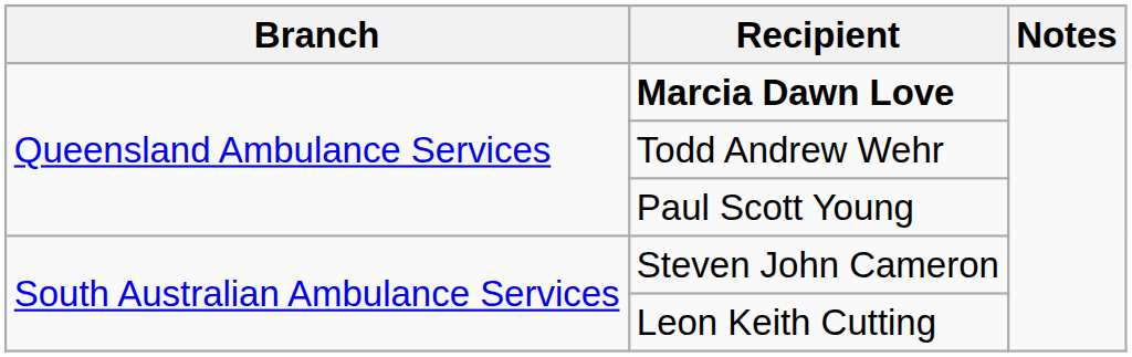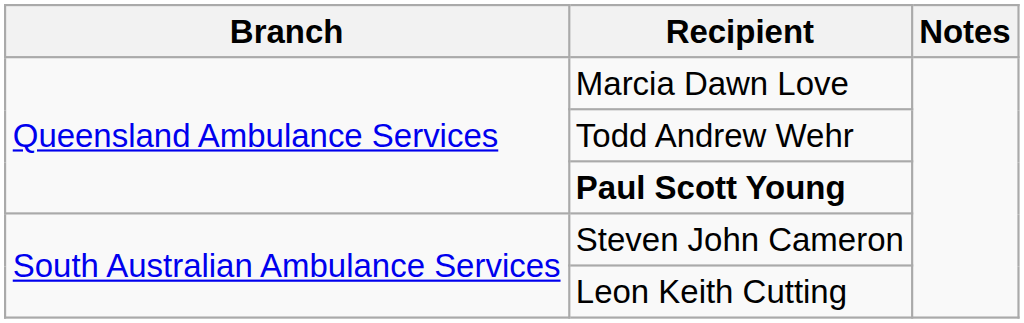 <table class="wikitable" style="font-size:95%;">
 <tr>
 <th>Branch</th>
 <th>Recipient</th>
 <th>Notes</th>
 </tr>
 <tr>
 <td rowspan=3><a href='#'>Queensland Ambulance Services</a></td>
-<td><strong>Marcia Dawn Love</strong></td>
+<td>Marcia Dawn Love</td>
 <td rowspan=5></td>
 </tr>
 <tr>
 <td>Todd Andrew Wehr</td>
 </tr>
 <tr>
-<td>Paul Scott Young</td>
+<td><strong>Paul Scott Young</strong></td>
 </tr>
 <tr>
 <td rowspan=2><a href='#'>South Australian Ambulance Services</a></td>
 <td>Steven John Cameron</td>
 </tr>
 <tr>
 <td>Leon Keith Cutting</td>
 </tr>
 </table>
